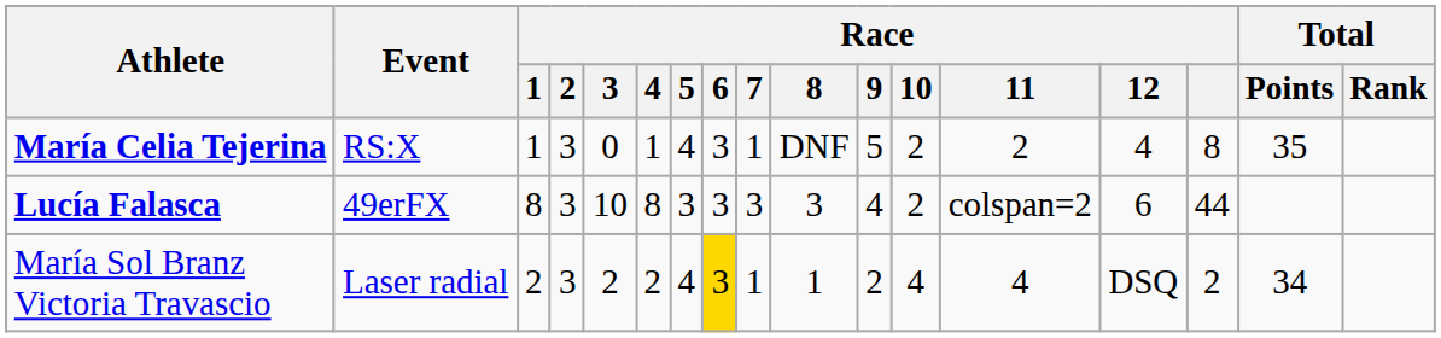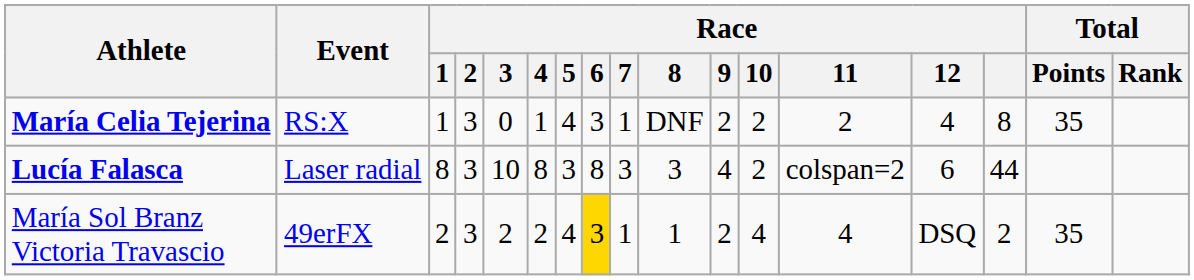 <table class="wikitable" style="font-size:90%;text-align:center">
 <tr>
 <th rowspan=2>Athlete</th>
 <th rowspan=2>Event</th>
 <th colspan=13>Race</th>
 <th colspan=2>Total</th>
 </tr>
 <tr style=font-size:95%>
 <th>1</th>
 <th>2</th>
 <th>3</th>
 <th>4</th>
 <th>5</th>
 <th>6</th>
 <th>7</th>
 <th>8</th>
 <th>9</th>
 <th>10</th>
 <th>11</th>
 <th>12</th>
 <th></th>
 <th>Points</th>
 <th>Rank</th>
 </tr>
 <tr>
 <td style="text-align:left"><strong><a href='#'>María Celia Tejerina</a></strong></td>
 <td style="text-align:left"><a href='#'>RS:X</a></td>
 <td>1</td>
 <td>3</td>
 <td>0</td>
 <td>1</td>
 <td>4</td>
 <td>3</td>
 <td>1</td>
 <td>DNF</td>
-<td>5</td>
+<td>2</td>
 <td>2</td>
 <td>2</td>
 <td>4</td>
 <td>8</td>
 <td>35</td>
 <td></td>
 </tr>
 <tr>
 <td style="text-align:left"><strong><a href='#'>Lucía Falasca</a></strong></td>
-<td style="text-align:left"><a href='#'>49erFX</a></td>
+<td style="text-align:left"><a href='#'>Laser radial</a></td>
 <td>8</td>
 <td>3</td>
 <td>10</td>
 <td>8</td>
 <td>3</td>
-<td>3</td>
+<td>8</td>
 <td>3</td>
 <td>3</td>
 <td>4</td>
 <td>2</td>
 <td>colspan=2 </td>
 <td>6</td>
 <td>44</td>
 <td></td>
 </tr>
 <tr>
 <td style="text-align:left"><a href='#'>María Sol Branz</a><br><a href='#'>Victoria Travascio</a></td>
-<td style="text-align:left"><a href='#'>Laser radial</a></td>
+<td style="text-align:left"><a href='#'>49erFX</a></td>
 <td>2</td>
 <td>3</td>
 <td>2</td>
 <td>2</td>
 <td>4</td>
 <td style="background: gold;">3</td>
 <td>1</td>
 <td>1</td>
 <td>2</td>
 <td>4</td>
 <td>4</td>
 <td>DSQ</td>
 <td>2</td>
-<td>34</td>
+<td>35</td>
 <td></td>
 </tr>
 </table>
